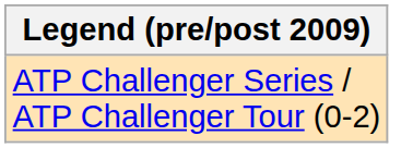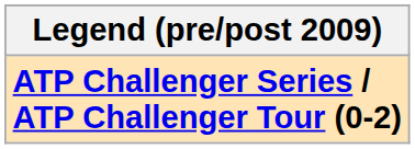 <table class="wikitable">
 <tr>
 <th>Legend (pre/post 2009)</th>
 </tr>
 <tr style="background:moccasin">
-<td><a href='#'>ATP Challenger Series</a> /<br><a href='#'>ATP Challenger Tour</a> (0-2)</td>
+<td><strong><a href='#'>ATP Challenger Series</a> /<br><a href='#'>ATP Challenger Tour</a> (0-2)</strong></td>
 </tr>
 </table>
